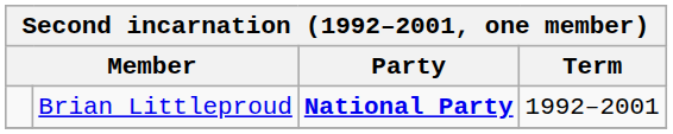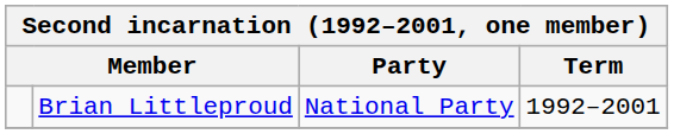 <table class="wikitable">
 <tr>
 <th colspan="4">Second incarnation (1992–2001, one member)</th>
 </tr>
 <tr>
 <th colspan="2">Member</th>
 <th>Party</th>
 <th>Term</th>
 </tr>
 <tr>
 <td> </td>
 <td><a href='#'>Brian Littleproud</a></td>
-<td><strong><a href='#'>National Party</a></strong></td>
+<td><a href='#'>National Party</a></td>
 <td>1992–2001</td>
 </tr>
 <tr>
 </tr>
 </table>
